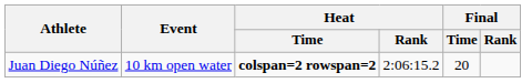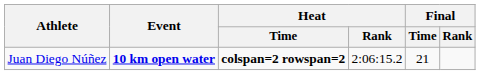 <table class=wikitable style=font-size:90%;text-align:center>
 <tr>
 <th rowspan=2>Athlete</th>
 <th rowspan=2>Event</th>
 <th colspan=2>Heat</th>
 <th colspan=2>Final</th>
 </tr>
 <tr style=font-size:95%>
 <th>Time</th>
 <th>Rank</th>
 <th>Time</th>
 <th>Rank</th>
 </tr>
 <tr>
 <td align=left><a href='#'>Juan Diego Núñez</a></td>
-<td align=left><a href='#'>10 km open water</a></td>
+<td align=left><strong><a href='#'>10 km open water</a></strong></td>
 <td><strong>colspan=2 rowspan=2 </strong></td>
 <td>2:06:15.2</td>
-<td>20</td>
+<td>21</td>
 </tr>
 </table>
